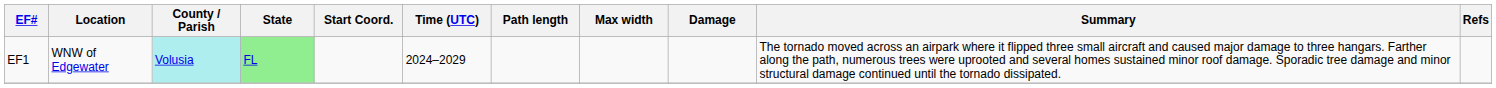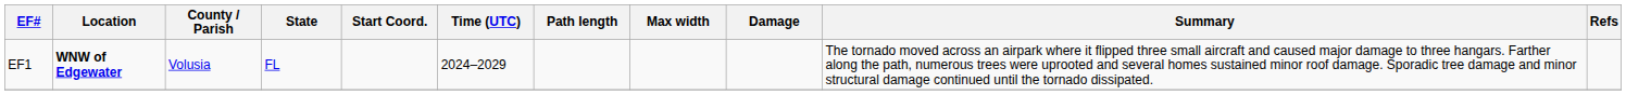 <table class="wikitable sortable" style="width:100%;">
 <tr>
 <th scope="col" width="3%" align="center"><a href='#'>EF#</a></th>
 <th scope="col" width="7%" align="center" class="unsortable">Location</th>
 <th scope="col" width="6%" align="center" class="unsortable">County / Parish</th>
 <th scope="col" width="5%" align="center">State</th>
 <th scope="col" width="6%" align="center">Start Coord.</th>
 <th scope="col" width="6%" align="center">Time (<a href='#'>UTC</a>)</th>
 <th scope="col" width="6%" align="center">Path length</th>
 <th scope="col" width="6%" align="center">Max width</th>
 <th scope="col" width="6%" align="center">Damage</th>
 <th scope="col" width="48%" class="unsortable" align="center">Summary</th>
 <th scope="col" width="48%" class="unsortable" align="center">Refs</th>
 </tr>
 <tr>
 <td>EF1</td>
-<td>WNW of <a href='#'>Edgewater</a></td>
-<td style="background: paleturquoise;"><a href='#'>Volusia</a></td>
-<td style="background: lightgreen;"><a href='#'>FL</a></td>
+<td><strong>WNW of <a href='#'>Edgewater</a></strong></td>
+<td><a href='#'>Volusia</a></td>
+<td><a href='#'>FL</a></td>
 <td></td>
 <td>2024–2029</td>
 <td></td>
 <td></td>
 <td></td>
 <td>The tornado moved across an airpark where it flipped three small aircraft and caused major damage to three hangars. Farther along the path, numerous trees were uprooted and several homes sustained minor roof damage. Sporadic tree damage and minor structural damage continued until the tornado dissipated.</td>
 <td></td>
 </tr>
 <tr>
 </tr>
 </table>
